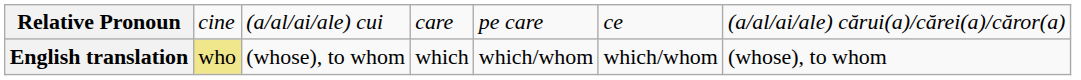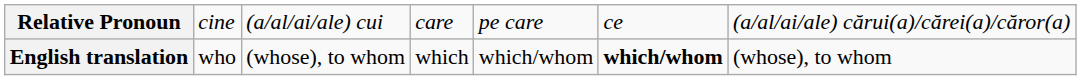 <table class="wikitable">
 <tr>
 <th>Relative Pronoun</th>
 <td><em>cine</em></td>
 <td><em>(a/al/ai/ale) cui</em></td>
 <td><em>care</em></td>
 <td><em>pe care</em></td>
 <td><em>ce</em></td>
 <td><em>(a/al/ai/ale) cărui(a)/cărei(a)/căror(a)</em></td>
 </tr>
 <tr>
 <th>English translation</th>
-<td style="background: khaki;">who</td>
+<td>who</td>
 <td>(whose), to whom</td>
 <td>which</td>
 <td>which/whom</td>
-<td>which/whom</td>
+<td><strong>which/whom</strong></td>
 <td>(whose), to whom</td>
 </tr>
 </table>
